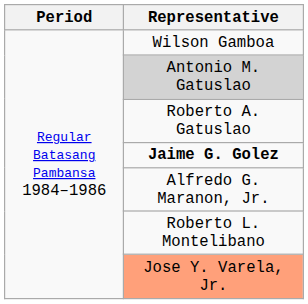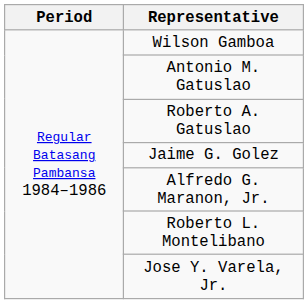 <table class="wikitable" style="text-align:center; width:40%;">
 <tr>
 <th width="40%">Period</th>
 <th>Representative</th>
 </tr>
 <tr>
 <td rowspan="7"><small><a href='#'>Regular Batasang Pambansa</a></small><br>1984–1986</td>
 <td>Wilson Gamboa</td>
 </tr>
 <tr>
-<td style="background: lightgrey;">Antonio M. Gatuslao</td>
+<td>Antonio M. Gatuslao</td>
 </tr>
 <tr>
 <td>Roberto A. Gatuslao</td>
 </tr>
 <tr>
-<td><strong>Jaime G. Golez</strong></td>
+<td>Jaime G. Golez</td>
 </tr>
 <tr>
 <td>Alfredo G. Maranon, Jr.</td>
 </tr>
 <tr>
 <td>Roberto L. Montelibano</td>
 </tr>
 <tr>
-<td style="background: lightsalmon;">Jose Y. Varela, Jr.</td>
+<td>Jose Y. Varela, Jr.</td>
 </tr>
 </table>
